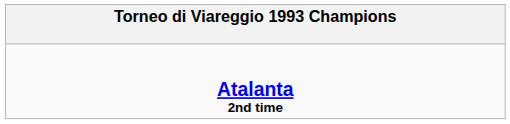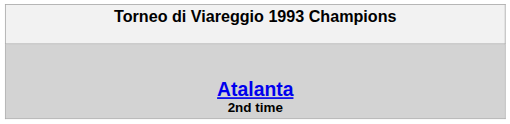 <table class="wikitable" style="margin: 0 auto; width: 30%;">
 <tr>
 <th><big>Torneo di Viareggio 1993 Champions</big><br><br></th>
 </tr>
 <tr>
-<td align=center><br><br><big><big><strong><a href='#'>Atalanta</a></strong><br></big></big><strong>2nd time</strong></td>
+<td align=center style="background: lightgrey;"><br><br><big><big><strong><a href='#'>Atalanta</a></strong><br></big></big><strong>2nd time</strong></td>
 </tr>
 </table>
